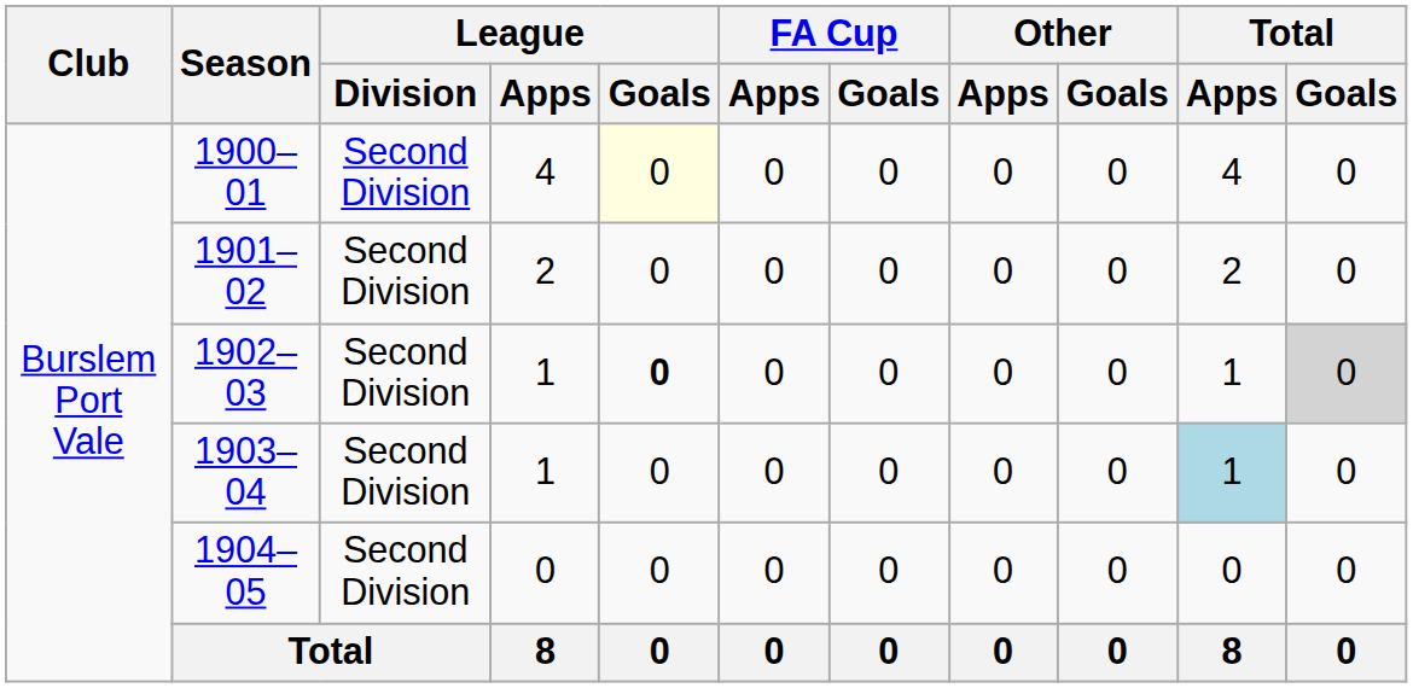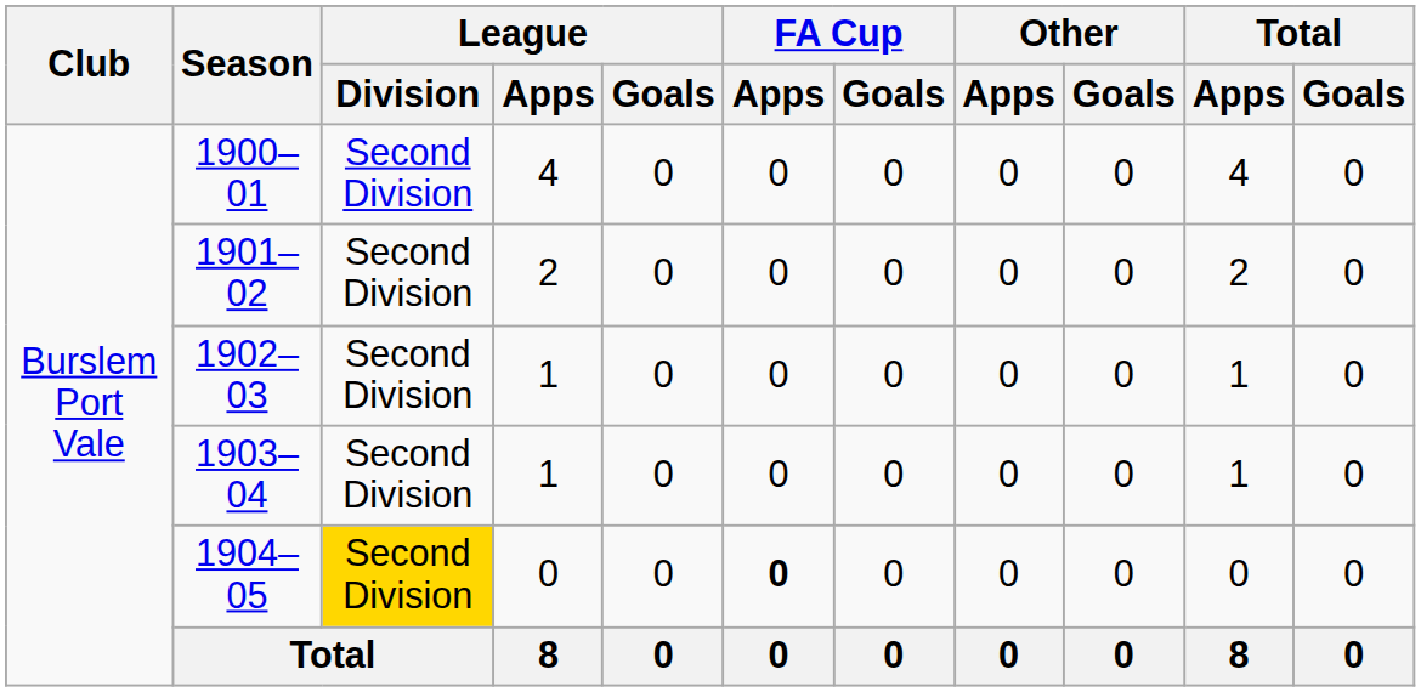 <table class="wikitable" style="text-align:center">
 <tr>
 <th rowspan="2">Club</th>
 <th rowspan="2">Season</th>
 <th colspan="3">League</th>
 <th colspan="2"><a href='#'>FA Cup</a></th>
 <th colspan="2">Other</th>
 <th colspan="2">Total</th>
 </tr>
 <tr>
 <th>Division</th>
 <th>Apps</th>
 <th>Goals</th>
 <th>Apps</th>
 <th>Goals</th>
 <th>Apps</th>
 <th>Goals</th>
 <th>Apps</th>
 <th>Goals</th>
 </tr>
 <tr>
 <td rowspan="6"><a href='#'>Burslem Port Vale</a></td>
 <td><a href='#'>1900–01</a></td>
 <td><a href='#'>Second Division</a></td>
 <td>4</td>
-<td style="background: lightyellow;">0</td>
+<td>0</td>
 <td>0</td>
 <td>0</td>
 <td>0</td>
 <td>0</td>
 <td>4</td>
 <td>0</td>
 </tr>
 <tr>
 <td><a href='#'>1901–02</a></td>
 <td>Second Division</td>
 <td>2</td>
 <td>0</td>
 <td>0</td>
 <td>0</td>
 <td>0</td>
 <td>0</td>
 <td>2</td>
 <td>0</td>
 </tr>
 <tr>
 <td><a href='#'>1902–03</a></td>
 <td>Second Division</td>
 <td>1</td>
-<td><strong>0</strong></td>
+<td>0</td>
 <td>0</td>
 <td>0</td>
 <td>0</td>
 <td>0</td>
 <td>1</td>
-<td style="background: lightgrey;">0</td>
+<td>0</td>
 </tr>
 <tr>
 <td><a href='#'>1903–04</a></td>
 <td>Second Division</td>
 <td>1</td>
 <td>0</td>
 <td>0</td>
 <td>0</td>
 <td>0</td>
 <td>0</td>
-<td style="background: lightblue;">1</td>
+<td>1</td>
 <td>0</td>
 </tr>
 <tr>
 <td><a href='#'>1904–05</a></td>
-<td>Second Division</td>
+<td style="background: gold;">Second Division</td>
 <td>0</td>
 <td>0</td>
-<td>0</td>
+<td><strong>0</strong></td>
 <td>0</td>
 <td>0</td>
 <td>0</td>
 <td>0</td>
 <td>0</td>
 </tr>
 <tr>
 <th colspan="2">Total</th>
 <th>8</th>
 <th>0</th>
 <th>0</th>
 <th>0</th>
 <th>0</th>
 <th>0</th>
 <th>8</th>
 <th>0</th>
 </tr>
 </table>
